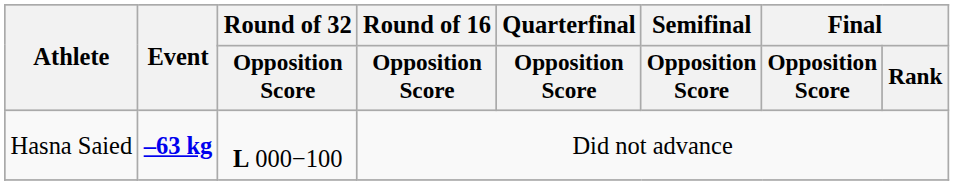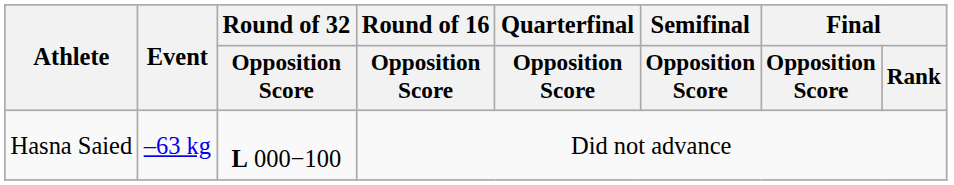 <table class=wikitable style=font-size:90%;text-align:center>
 <tr>
 <th rowspan=2>Athlete</th>
 <th rowspan=2>Event</th>
 <th>Round of 32</th>
 <th>Round of 16</th>
 <th>Quarterfinal</th>
 <th>Semifinal</th>
 <th colspan=2>Final</th>
 </tr>
 <tr style=font-size:95%>
 <th>Opposition<br>Score</th>
 <th>Opposition<br>Score</th>
 <th>Opposition<br>Score</th>
 <th>Opposition<br>Score</th>
 <th>Opposition<br>Score</th>
 <th>Rank</th>
 </tr>
 <tr>
 <td align=left>Hasna Saied</td>
-<td align=left><strong><a href='#'>–63 kg</a></strong></td>
+<td align=left><a href='#'>–63 kg</a></td>
 <td><br><strong>L</strong> 000−100</td>
 <td colspan=5>Did not advance</td>
 </tr>
 </table>
